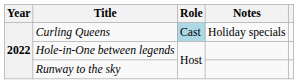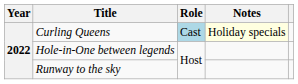 <table class="wikitable plainrowheaders">
 <tr>
 <th scope="col">Year</th>
 <th scope="col">Title</th>
 <th scope="col">Role</th>
 <th scope="col">Notes</th>
 <th scope="col" class="unsortable"></th>
 </tr>
 <tr>
 <th scope="row" rowspan=3>2022</th>
 <td><em>Curling Queens</em></td>
 <td style="background: lightblue;">Cast</td>
-<td>Holiday specials</td>
+<td style="background: lightyellow;">Holiday specials</td>
 <td></td>
 </tr>
 <tr>
 <td><em>Hole-in-One between legends</em></td>
 <td rowspan=2>Host</td>
 <td></td>
 <td></td>
 </tr>
 <tr>
 <td><em>Runway to the sky</em></td>
 <td></td>
 <td></td>
 </tr>
 </table>
